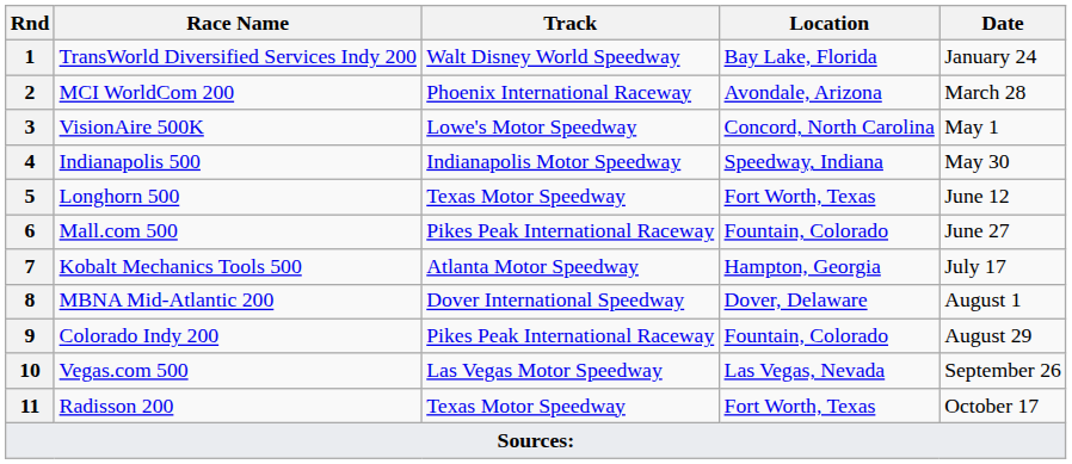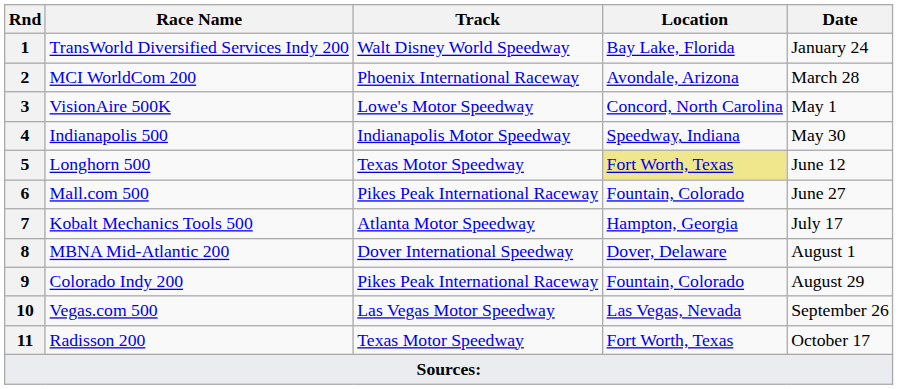 <table class="wikitable" style="font-size: 85%">
 <tr>
 <th>Rnd</th>
 <th>Race Name</th>
 <th>Track</th>
 <th>Location</th>
 <th>Date</th>
 </tr>
 <tr>
 <th>1</th>
 <td><a href='#'>TransWorld Diversified Services Indy 200</a></td>
 <td><a href='#'>Walt Disney World Speedway</a></td>
 <td><a href='#'>Bay Lake, Florida</a></td>
 <td>January 24</td>
 </tr>
 <tr>
 <th>2</th>
 <td><a href='#'>MCI WorldCom 200</a></td>
 <td><a href='#'>Phoenix International Raceway</a></td>
 <td><a href='#'>Avondale, Arizona</a></td>
 <td>March 28</td>
 </tr>
 <tr>
 <th>3</th>
 <td><a href='#'>VisionAire 500K</a></td>
 <td><a href='#'>Lowe's Motor Speedway</a></td>
 <td><a href='#'>Concord, North Carolina</a></td>
 <td>May 1</td>
 </tr>
 <tr>
 <th>4</th>
 <td><a href='#'>Indianapolis 500</a></td>
 <td><a href='#'>Indianapolis Motor Speedway</a></td>
 <td><a href='#'>Speedway, Indiana</a></td>
 <td>May 30</td>
 </tr>
 <tr>
 <th>5</th>
 <td><a href='#'>Longhorn 500</a></td>
 <td><a href='#'>Texas Motor Speedway</a></td>
-<td><a href='#'>Fort Worth, Texas</a></td>
+<td style="background: khaki;"><a href='#'>Fort Worth, Texas</a></td>
 <td>June 12</td>
 </tr>
 <tr>
 <th>6</th>
 <td><a href='#'>Mall.com 500</a></td>
 <td><a href='#'>Pikes Peak International Raceway</a></td>
 <td><a href='#'>Fountain, Colorado</a></td>
 <td>June 27</td>
 </tr>
 <tr>
 <th>7</th>
 <td><a href='#'>Kobalt Mechanics Tools 500</a></td>
 <td><a href='#'>Atlanta Motor Speedway</a></td>
 <td><a href='#'>Hampton, Georgia</a></td>
 <td>July 17</td>
 </tr>
 <tr>
 <th>8</th>
 <td><a href='#'>MBNA Mid-Atlantic 200</a></td>
 <td><a href='#'>Dover International Speedway</a></td>
 <td><a href='#'>Dover, Delaware</a></td>
 <td>August 1</td>
 </tr>
 <tr>
 <th>9</th>
 <td><a href='#'>Colorado Indy 200</a></td>
 <td><a href='#'>Pikes Peak International Raceway</a></td>
 <td><a href='#'>Fountain, Colorado</a></td>
 <td>August 29</td>
 </tr>
 <tr>
 <th>10</th>
 <td><a href='#'>Vegas.com 500</a></td>
 <td><a href='#'>Las Vegas Motor Speedway</a></td>
 <td><a href='#'>Las Vegas, Nevada</a></td>
 <td>September 26</td>
 </tr>
 <tr>
 <th>11</th>
 <td><a href='#'>Radisson 200</a></td>
 <td><a href='#'>Texas Motor Speedway</a></td>
 <td><a href='#'>Fort Worth, Texas</a></td>
 <td>October 17</td>
 </tr>
 <tr>
 <td colspan="5" style="background-color:#EAECF0;text-align:center" align="bottom"><strong>Sources:</strong></td>
 </tr>
 </table>
